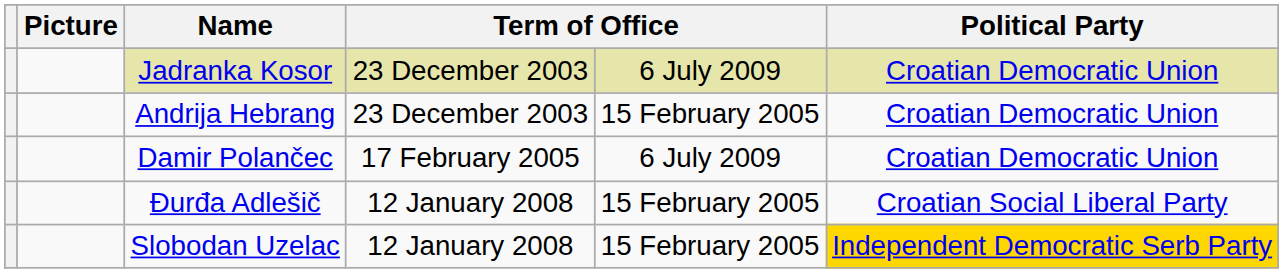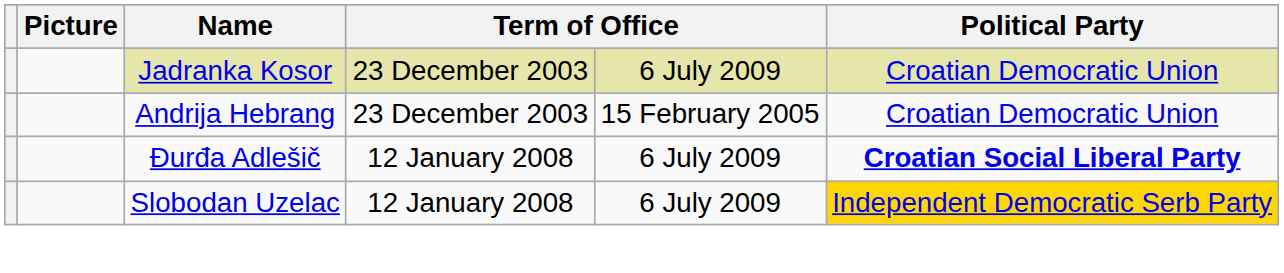 <table class="wikitable" style="text-align:center">
 <tr>
 <th></th>
 <th>Picture</th>
 <th>Name<br></th>
 <th colspan="2">Term of Office</th>
 <th>Political Party</th>
 </tr>
 <tr>
 <th style="background:"></th>
 <td></td>
 <td style="background:#e6e6aa;"><a href='#'>Jadranka Kosor</a><br></td>
 <td style="background:#e6e6aa;">23 December 2003</td>
 <td style="background:#e6e6aa;">6 July 2009</td>
 <td style="background:#e6e6aa;"><a href='#'>Croatian Democratic Union</a></td>
 </tr>
 <tr>
 <th style="background:"></th>
 <td></td>
 <td><a href='#'>Andrija Hebrang</a><br></td>
 <td>23 December 2003</td>
 <td>15 February 2005</td>
 <td><a href='#'>Croatian Democratic Union</a></td>
 </tr>
 <tr>
 <th style="background:"></th>
 <td></td>
-<td><a href='#'>Damir Polančec</a><br></td>
-<td>17 February 2005</td>
-<td>6 July 2009</td>
-<td><a href='#'>Croatian Democratic Union</a></td>
-</tr>
-<tr>
-<th style="background:"></th>
-<td></td>
 <td><a href='#'>Đurđa Adlešič</a><br></td>
 <td>12 January 2008</td>
-<td>15 February 2005</td>
-<td><a href='#'>Croatian Social Liberal Party</a></td>
+<td>6 July 2009</td>
+<td><strong><a href='#'>Croatian Social Liberal Party</a></strong></td>
 </tr>
 <tr>
 <th style="background:"></th>
 <td></td>
 <td><a href='#'>Slobodan Uzelac</a><br></td>
 <td>12 January 2008</td>
-<td>15 February 2005</td>
+<td>6 July 2009</td>
 <td style="background: gold;"><a href='#'>Independent Democratic Serb Party</a></td>
 </tr>
 </table>
